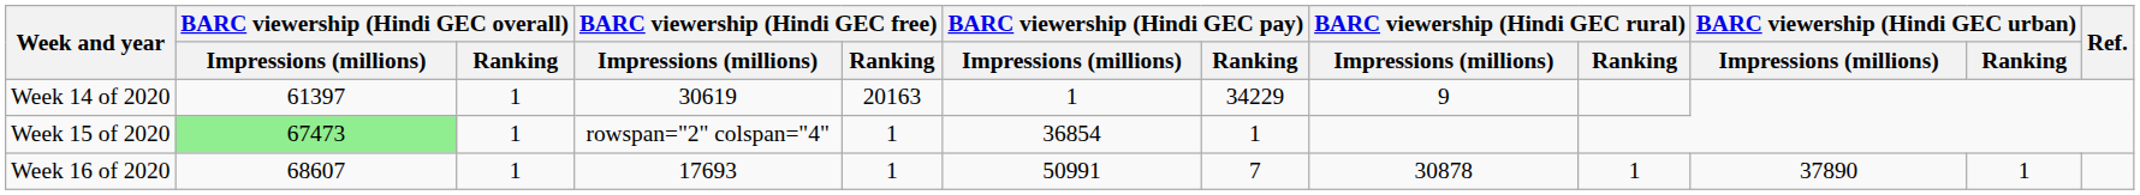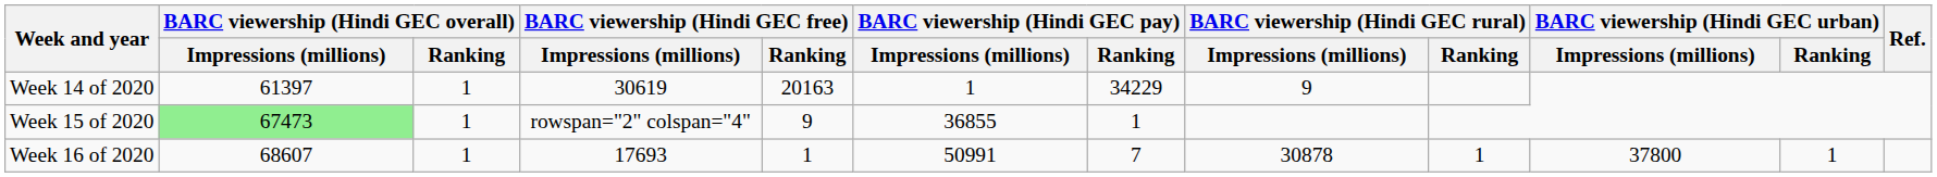 <table class="wikitable" style="text-align:center">
 <tr>
 <th rowspan="2">Week and year</th>
 <th colspan="2"><a href='#'>BARC</a> viewership (Hindi GEC overall)</th>
 <th colspan="2"><a href='#'>BARC</a> viewership (Hindi GEC free)</th>
 <th colspan="2"><a href='#'>BARC</a> viewership (Hindi GEC pay)</th>
 <th colspan="2"><a href='#'>BARC</a> viewership (Hindi GEC rural)</th>
 <th colspan="2"><a href='#'>BARC</a> viewership (Hindi GEC urban)</th>
 <th rowspan="2">Ref.</th>
 </tr>
 <tr>
 <th>Impressions (millions)</th>
 <th>Ranking</th>
 <th>Impressions (millions)</th>
 <th>Ranking</th>
 <th>Impressions (millions)</th>
 <th>Ranking</th>
 <th>Impressions (millions)</th>
 <th>Ranking</th>
 <th>Impressions (millions)</th>
 <th>Ranking</th>
 </tr>
 <tr>
 <td>Week 14 of 2020</td>
 <td>61397</td>
 <td>1</td>
 <td>30619</td>
 <td>20163</td>
 <td>1</td>
 <td>34229</td>
 <td>9</td>
 <td></td>
 </tr>
 <tr>
 <td>Week 15 of 2020</td>
 <td style="background: lightgreen;">67473</td>
 <td>1</td>
 <td>rowspan="2" colspan="4" </td>
-<td>1</td>
-<td>36854</td>
+<td>9</td>
+<td>36855</td>
 <td>1</td>
 <td></td>
 </tr>
 <tr>
 <td>Week 16 of 2020</td>
 <td>68607</td>
 <td>1</td>
 <td>17693</td>
 <td>1</td>
 <td>50991</td>
 <td>7</td>
 <td>30878</td>
 <td>1</td>
-<td>37890</td>
+<td>37800</td>
 <td>1</td>
 <td></td>
 </tr>
 </table>
